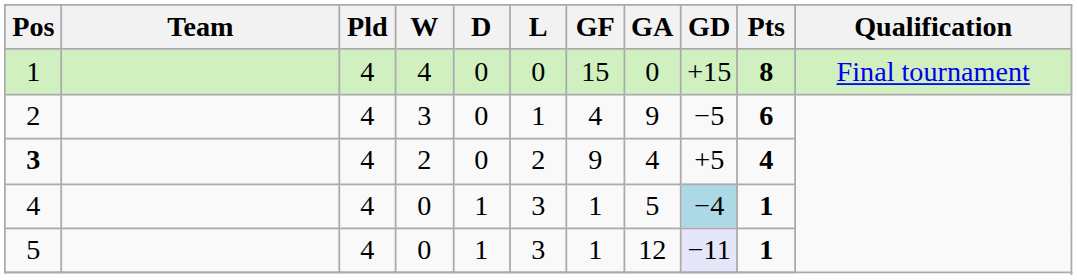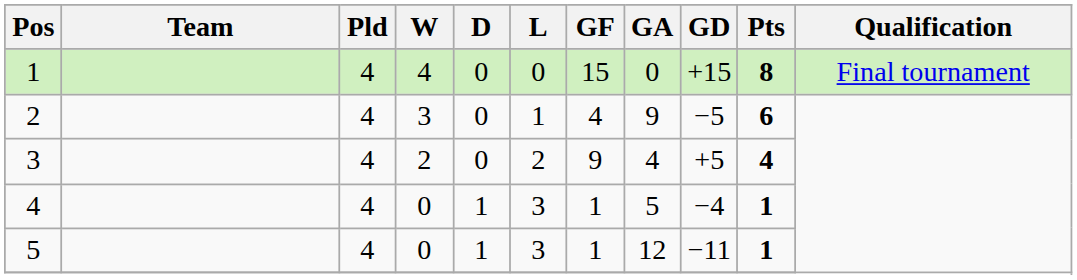 <table class="wikitable" border="1" style="text-align: center;">
 <tr>
 <th width="25"><abbr>Pos</abbr></th>
 <th width="150">Team</th>
 <th width="25"><abbr>Pld</abbr></th>
 <th width="25"><abbr>W</abbr></th>
 <th width="25"><abbr>D</abbr></th>
 <th width="25"><abbr>L</abbr></th>
 <th width="25"><abbr>GF</abbr></th>
 <th width="25"><abbr>GA</abbr></th>
 <th width="25"><abbr>GD</abbr></th>
 <th width="25"><abbr>Pts</abbr></th>
 <th width="150">Qualification</th>
 </tr>
 <tr bgcolor= #D0F0C0>
 <td>1</td>
 <td align="left"></td>
 <td>4</td>
 <td>4</td>
 <td>0</td>
 <td>0</td>
 <td>15</td>
 <td>0</td>
 <td>+15</td>
 <td><strong>8</strong></td>
 <td><a href='#'>Final tournament</a></td>
 </tr>
 <tr>
 <td>2</td>
 <td align="left"></td>
 <td>4</td>
 <td>3</td>
 <td>0</td>
 <td>1</td>
 <td>4</td>
 <td>9</td>
 <td>−5</td>
 <td><strong>6</strong></td>
 </tr>
 <tr>
-<td><strong>3</strong></td>
+<td>3</td>
 <td align="left"></td>
 <td>4</td>
 <td>2</td>
 <td>0</td>
 <td>2</td>
 <td>9</td>
 <td>4</td>
 <td>+5</td>
 <td><strong>4</strong></td>
 </tr>
 <tr>
 <td>4</td>
 <td align="left"></td>
 <td>4</td>
 <td>0</td>
 <td>1</td>
 <td>3</td>
 <td>1</td>
 <td>5</td>
-<td style="background: lightblue;">−4</td>
+<td>−4</td>
 <td><strong>1</strong></td>
 </tr>
 <tr>
 <td>5</td>
 <td align="left"></td>
 <td>4</td>
 <td>0</td>
 <td>1</td>
 <td>3</td>
 <td>1</td>
 <td>12</td>
-<td style="background: lavender;">−11</td>
+<td>−11</td>
 <td><strong>1</strong></td>
 </tr>
 <tr>
 </tr>
 </table>
